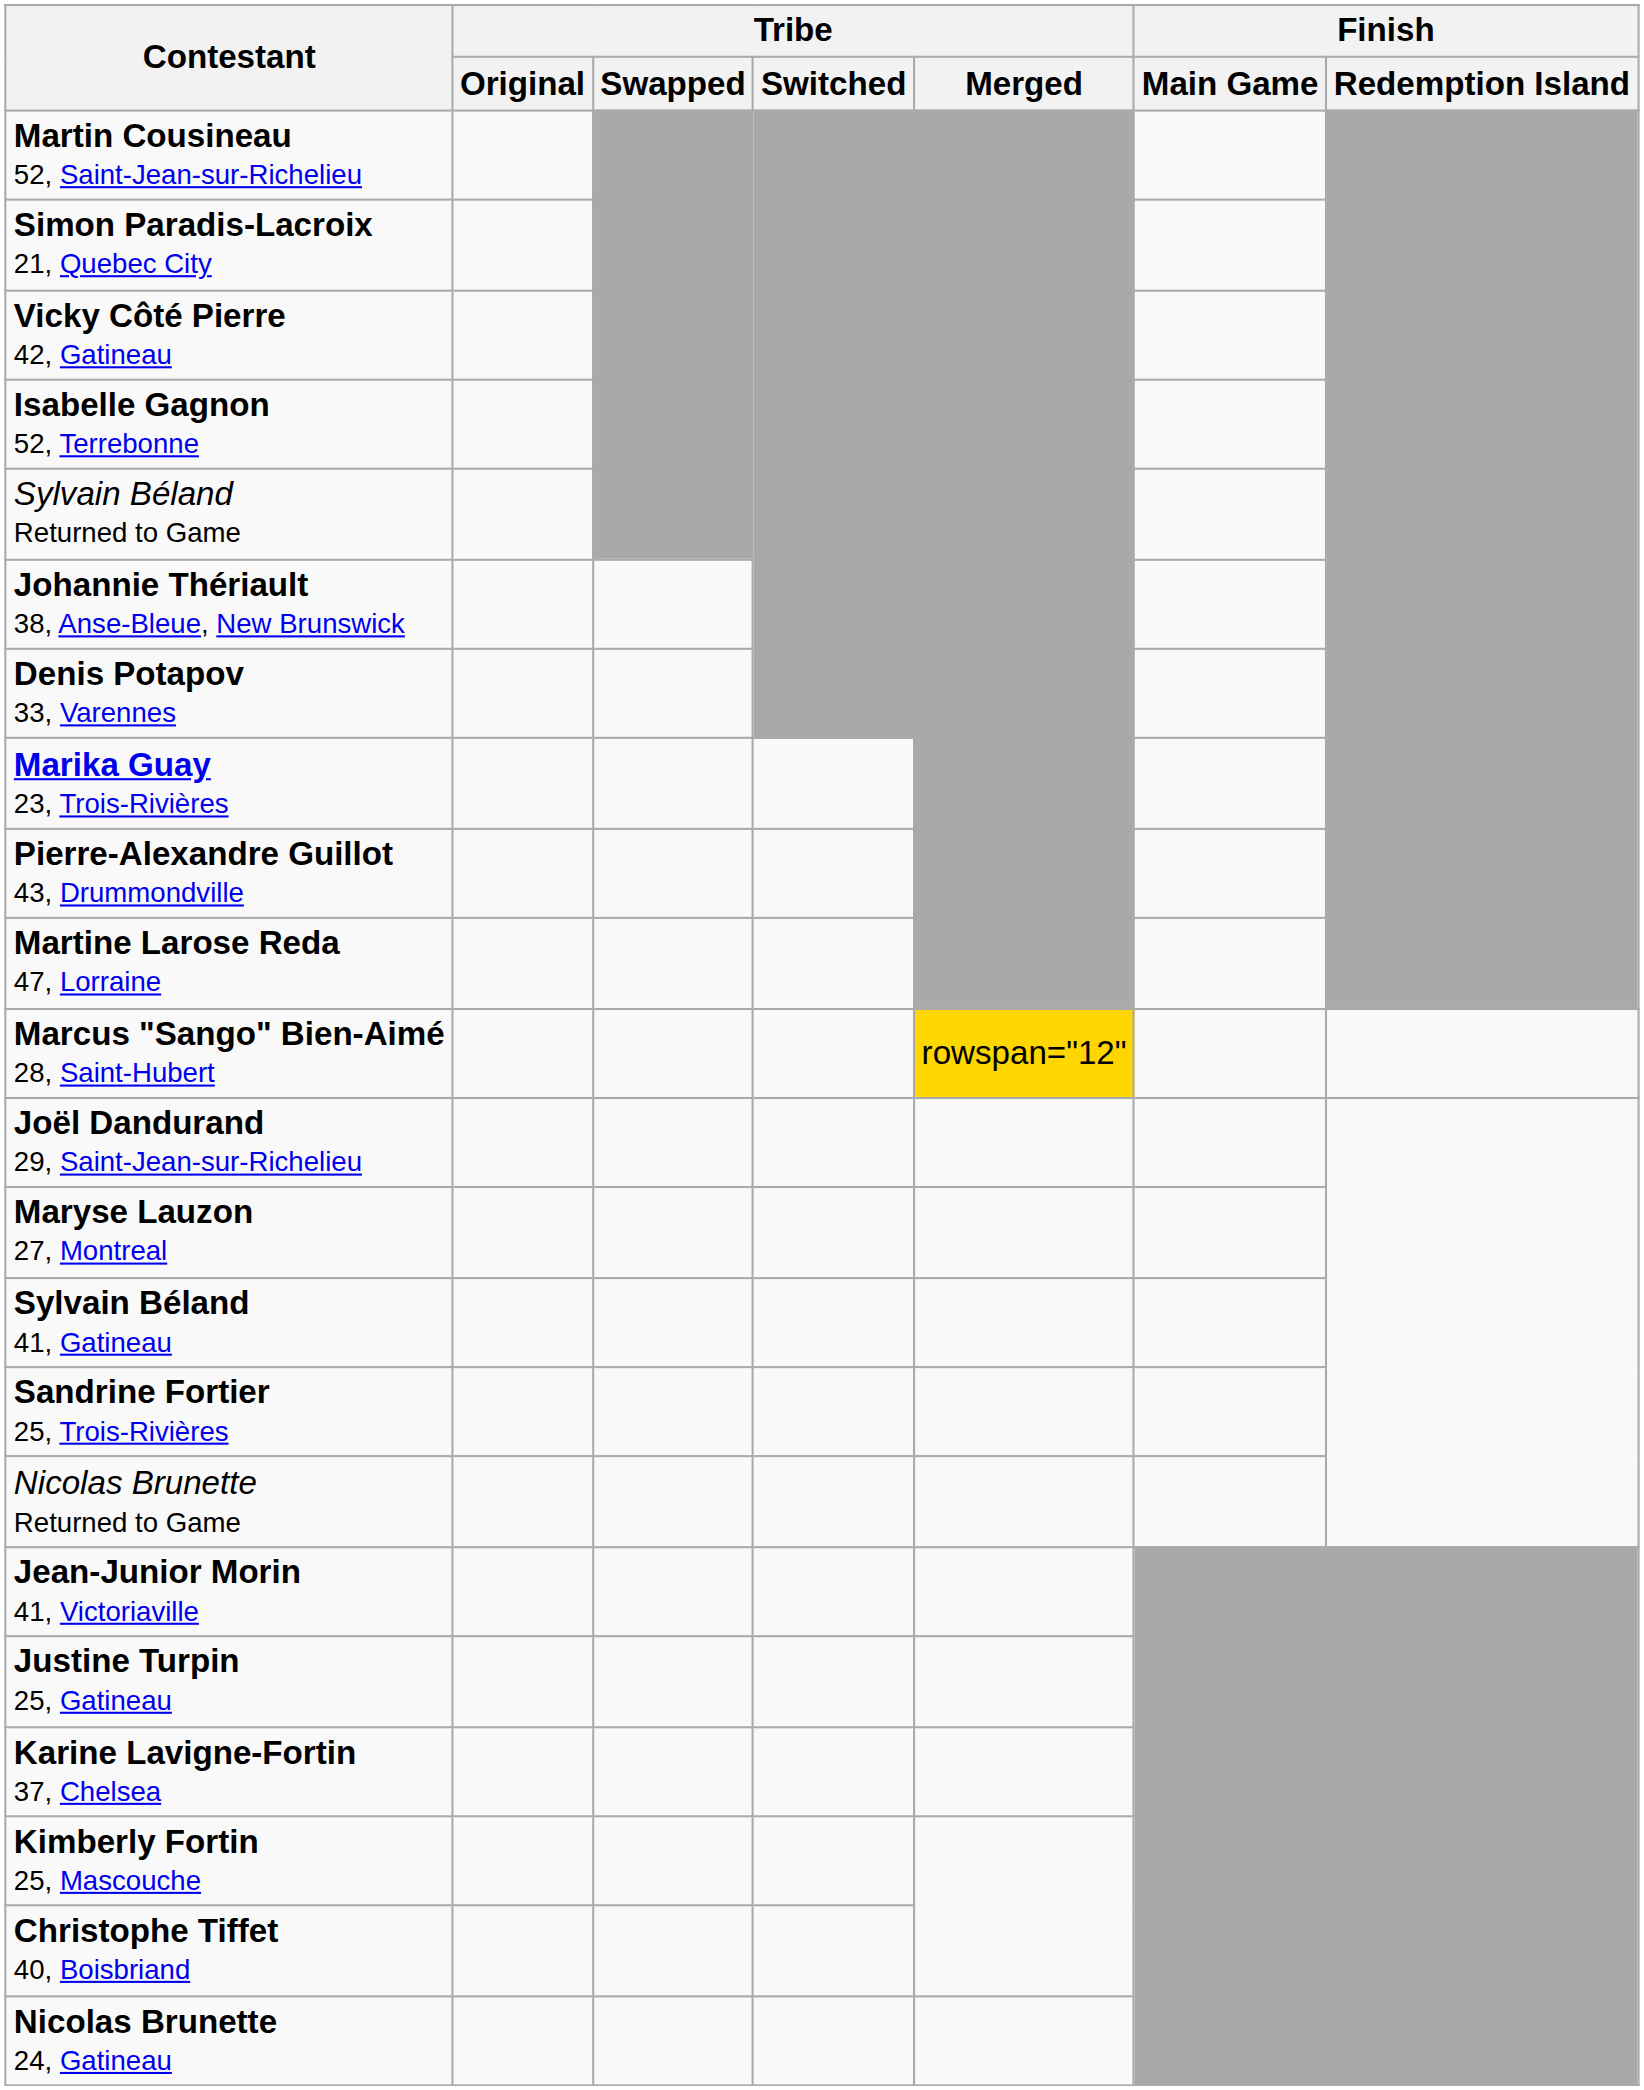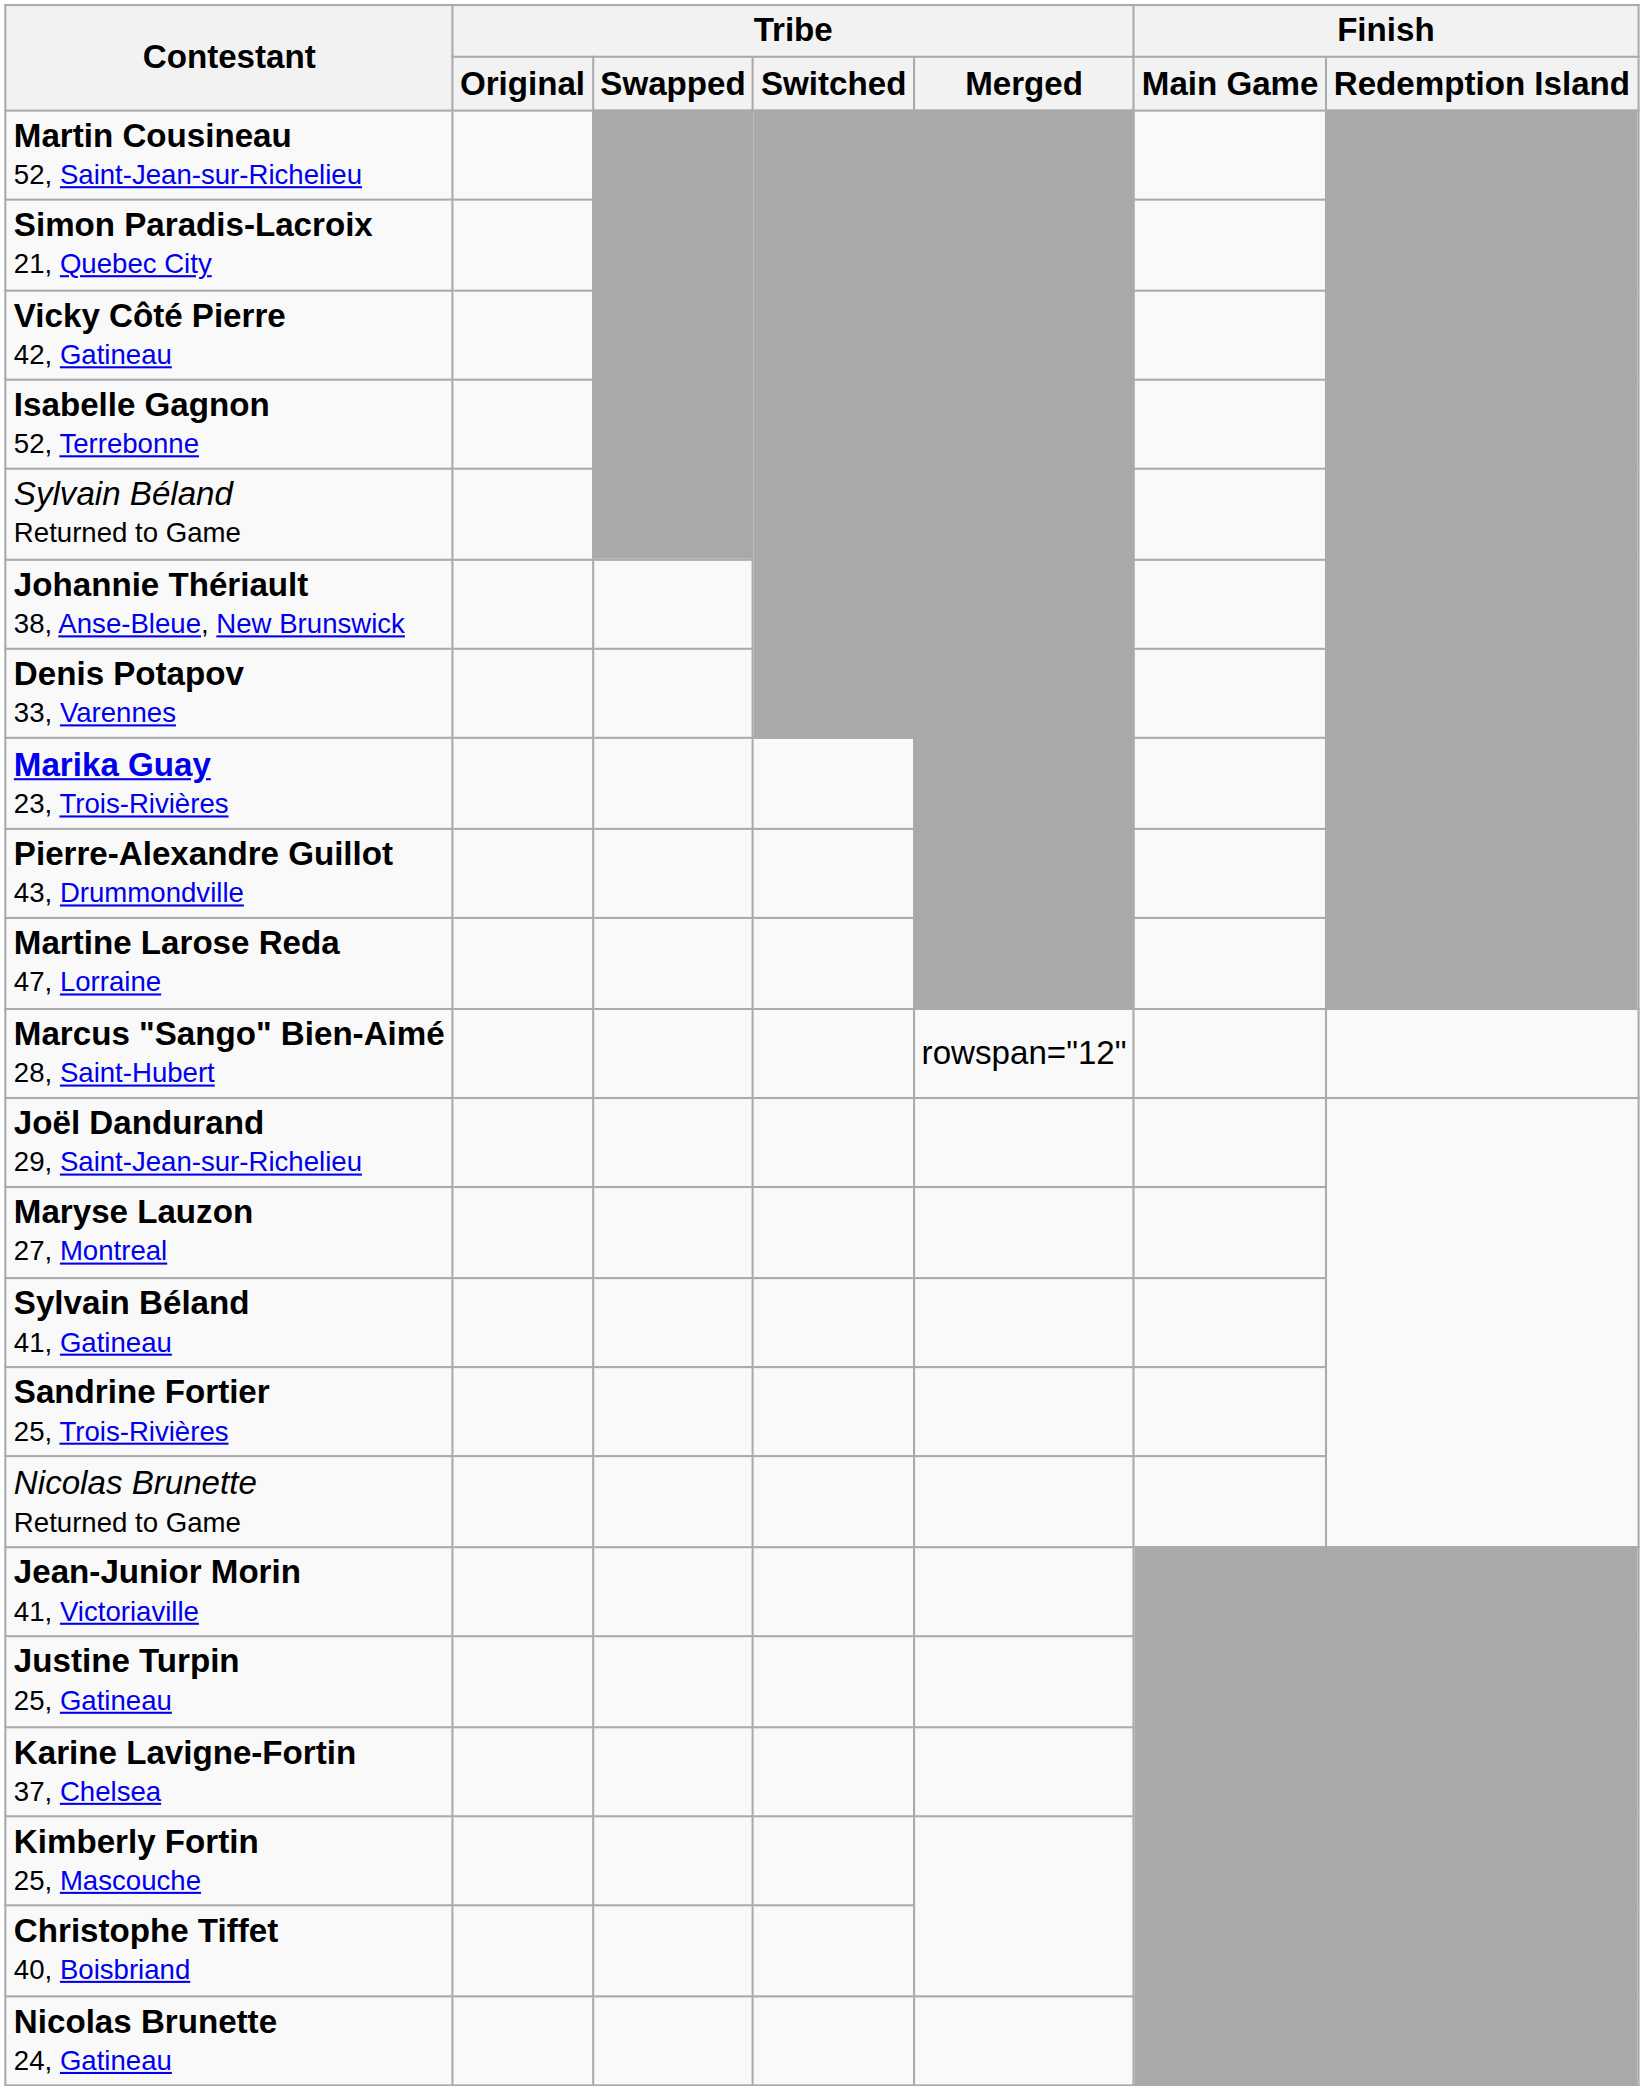 <table class="wikitable sortable" style="margin:auto; text-align:center">
 <tr>
 <th rowspan="2" scope="col">Contestant</th>
 <th colspan="4" scope="colgroup">Tribe</th>
 <th colspan="2" scope="col" class="unsortable">Finish</th>
 </tr>
 <tr>
 <th scope="col">Original</th>
 <th scope="col">Swapped</th>
 <th scope="col">Switched</th>
 <th scope="col" class="unsortable">Merged</th>
 <th colspan="1" scope="colgroup" class="unsortable">Main Game</th>
 <th class="unsortable">Redemption Island</th>
 </tr>
 <tr>
 <td style="text-align: left;"><strong>Martin Cousineau</strong><br><small>52, <a href='#'>Saint-Jean-sur-Richelieu</a></small></td>
 <td></td>
 <td rowspan="5" style="background:darkgray; border:none;"></td>
 <td rowspan="7" style="background:darkgray; border:none;"></td>
 <td rowspan="10" style="background:darkgray; border:none;"></td>
 <td></td>
 <td rowspan="10" style="background:darkgray; border:none;"></td>
 </tr>
 <tr>
 <td style="text-align: left;"><strong>Simon Paradis-Lacroix</strong><br><small>21, <a href='#'>Quebec City</a></small></td>
 <td></td>
 <td></td>
 </tr>
 <tr>
 <td style="text-align: left;"><strong>Vicky Côté Pierre</strong><br><small>42, <a href='#'>Gatineau</a></small></td>
 <td></td>
 <td></td>
 </tr>
 <tr>
 <td style="text-align: left;"><strong>Isabelle Gagnon</strong><br><small>52, <a href='#'>Terrebonne</a></small></td>
 <td></td>
 <td></td>
 </tr>
 <tr>
 <td scope="row" style="text-align:left;font-weight:normal"><em>Sylvain Béland</em><br><small>Returned to Game</small></td>
 <td></td>
 <td></td>
 </tr>
 <tr>
 <td style="text-align: left;"><strong>Johannie Thériault</strong><br><small>38, <a href='#'>Anse-Bleue</a>, <a href='#'>New Brunswick</a></small></td>
 <td></td>
 <td></td>
 <td></td>
 </tr>
 <tr>
 <td style="text-align: left;"><strong>Denis Potapov</strong><br><small>33, <a href='#'>Varennes</a></small></td>
 <td></td>
 <td></td>
 <td></td>
 </tr>
 <tr>
 <td style="text-align: left;"><strong><a href='#'>Marika Guay</a></strong><br><small>23, <a href='#'>Trois-Rivières</a></small></td>
 <td></td>
 <td></td>
 <td></td>
 <td></td>
 </tr>
 <tr>
 <td style="text-align: left;"><strong>Pierre-Alexandre Guillot</strong><br><small>43, <a href='#'>Drummondville</a></small></td>
 <td></td>
 <td></td>
 <td></td>
 <td></td>
 </tr>
 <tr>
 <td style="text-align: left;"><strong>Martine Larose Reda</strong><br><small>47, <a href='#'>Lorraine</a></small></td>
 <td></td>
 <td></td>
 <td></td>
 <td></td>
 </tr>
 <tr>
 <td style="text-align: left;"><strong>Marcus "Sango" Bien-Aimé</strong><br><small>28, <a href='#'>Saint-Hubert</a></small></td>
 <td></td>
 <td></td>
 <td></td>
-<td style="background: gold;">rowspan="12" </td>
+<td>rowspan="12" </td>
 <td></td>
 <td></td>
 </tr>
 <tr>
 <td style="text-align: left;"><strong>Joël Dandurand</strong><br><small>29, <a href='#'>Saint-Jean-sur-Richelieu</a></small></td>
 <td></td>
 <td></td>
 <td></td>
 <td></td>
 <td></td>
 </tr>
 <tr>
 <td style="text-align: left;"><strong>Maryse Lauzon</strong><br><small>27, <a href='#'>Montreal</a></small></td>
 <td></td>
 <td></td>
 <td></td>
 <td></td>
 <td></td>
 </tr>
 <tr>
 <td style="text-align: left;"><strong>Sylvain Béland</strong><br><small>41, <a href='#'>Gatineau</a></small></td>
 <td></td>
 <td></td>
 <td></td>
 <td></td>
 <td></td>
 </tr>
 <tr>
 <td style="text-align: left;"><strong>Sandrine Fortier</strong><br><small>25, <a href='#'>Trois-Rivières</a></small></td>
 <td></td>
 <td></td>
 <td></td>
 <td></td>
 <td></td>
 </tr>
 <tr>
 <td scope="row" style="text-align:left;font-weight:normal"><em>Nicolas Brunette</em><br><small>Returned to Game</small></td>
 <td></td>
 <td></td>
 <td></td>
 <td></td>
 <td></td>
 </tr>
 <tr>
 <td style="text-align: left;"><strong>Jean-Junior Morin</strong><br><small>41, <a href='#'>Victoriaville</a></small></td>
 <td></td>
 <td></td>
 <td></td>
 <td></td>
 <td rowspan="6" colspan="2" style="background:darkgray"></td>
 </tr>
 <tr>
 <td style="text-align: left;"><strong>Justine Turpin</strong><br><small>25, <a href='#'>Gatineau</a></small></td>
 <td></td>
 <td></td>
 <td></td>
 <td></td>
 </tr>
 <tr>
 <td style="text-align: left;"><strong>Karine Lavigne-Fortin</strong><br><small>37, <a href='#'>Chelsea</a></small></td>
 <td></td>
 <td></td>
 <td></td>
 <td></td>
 </tr>
 <tr>
 <td style="text-align: left;"><strong>Kimberly Fortin</strong><br><small>25, <a href='#'>Mascouche</a></small></td>
 <td></td>
 <td></td>
 <td></td>
 <td rowspan="2"></td>
 </tr>
 <tr>
 <td style="text-align: left;"><strong>Christophe Tiffet</strong><br><small>40, <a href='#'>Boisbriand</a></small></td>
 <td></td>
 <td></td>
 <td></td>
 </tr>
 <tr>
 <td style="text-align: left;"><strong>Nicolas Brunette</strong><br><small>24, <a href='#'>Gatineau</a></small></td>
 <td></td>
 <td></td>
 <td></td>
 <td></td>
 </tr>
 </table>
